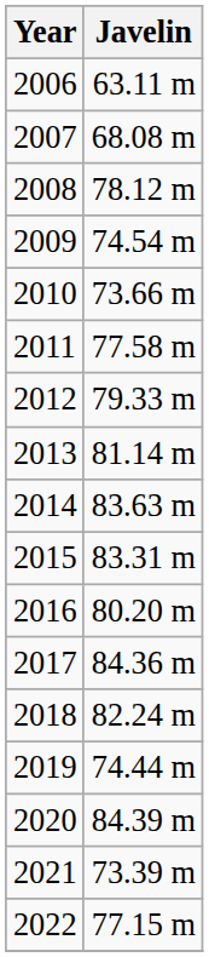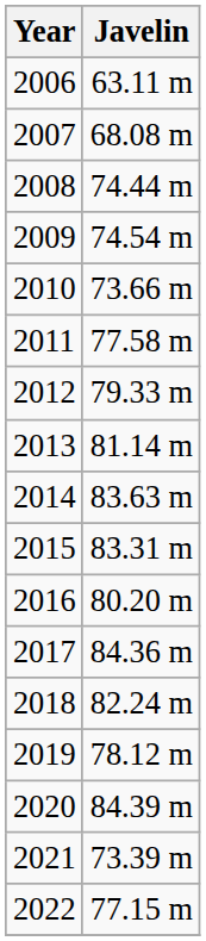 <table class="wikitable" style="font-size:95%;">
 <tr>
 <th>Year</th>
 <th>Javelin</th>
 </tr>
 <tr>
 <td>2006</td>
 <td align="right">63.11 m</td>
 </tr>
 <tr>
 <td>2007</td>
 <td align="right">68.08 m</td>
 </tr>
 <tr>
 <td>2008</td>
-<td align="right">78.12 m</td>
+<td align="right">74.44 m</td>
 </tr>
 <tr>
 <td>2009</td>
 <td align="right">74.54 m</td>
 </tr>
 <tr>
 <td>2010</td>
 <td align="right">73.66 m</td>
 </tr>
 <tr>
 <td>2011</td>
 <td align="right">77.58 m</td>
 </tr>
 <tr>
 <td>2012</td>
 <td align="right">79.33 m</td>
 </tr>
 <tr>
 <td>2013</td>
 <td align="right">81.14 m</td>
 </tr>
 <tr>
 <td>2014</td>
 <td align="right">83.63 m</td>
 </tr>
 <tr>
 <td>2015</td>
 <td align="right">83.31 m</td>
 </tr>
 <tr>
 <td>2016</td>
 <td align="right">80.20 m</td>
 </tr>
 <tr>
 <td>2017</td>
 <td align="right">84.36 m</td>
 </tr>
 <tr>
 <td>2018</td>
 <td align="right">82.24 m</td>
 </tr>
 <tr>
 <td>2019</td>
-<td align="right">74.44 m</td>
+<td align="right">78.12 m</td>
 </tr>
 <tr>
 <td>2020</td>
 <td align="right">84.39 m</td>
 </tr>
 <tr>
 <td>2021</td>
 <td align="right">73.39 m</td>
 </tr>
 <tr>
 <td>2022</td>
 <td align="right">77.15 m</td>
 </tr>
 <tr>
 </tr>
 </table>
